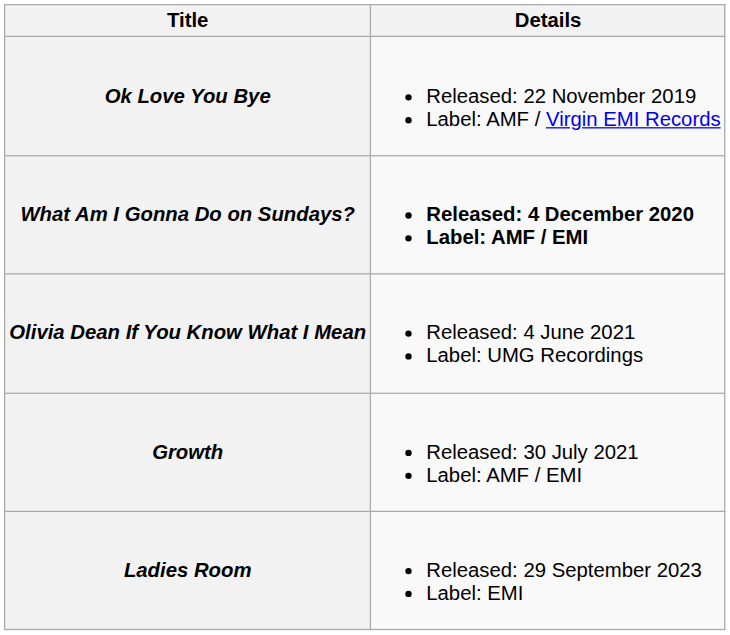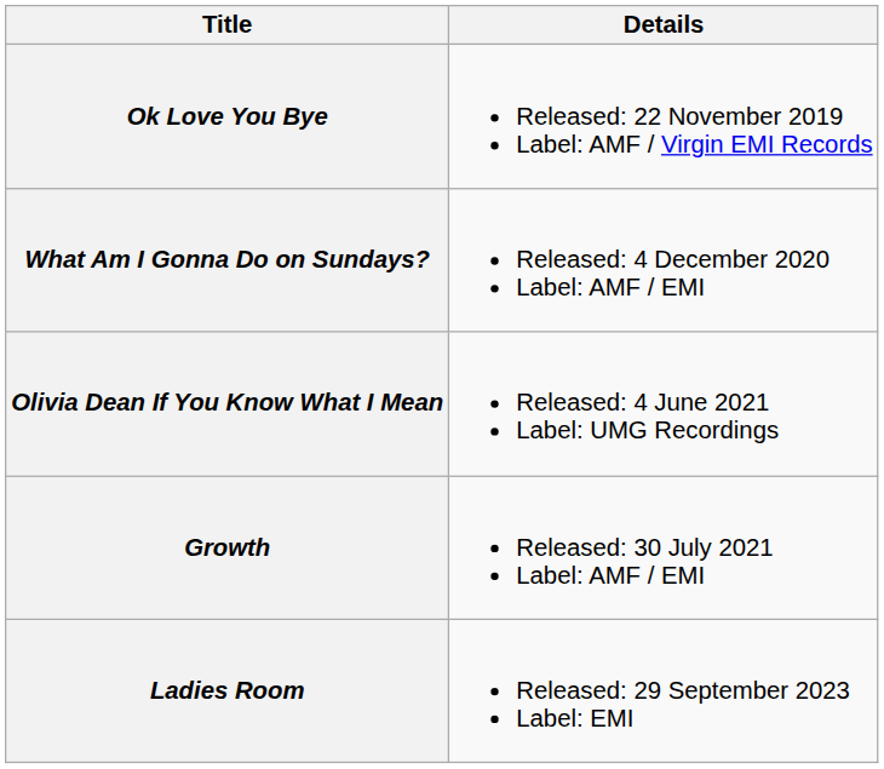 <table class="wikitable plainrowheaders">
 <tr>
 <th>Title</th>
 <th>Details</th>
 </tr>
 <tr>
 <th scope="row"><em>Ok Love You Bye</em></th>
 <td><br><ul><li>Released: 22 November 2019</li><li>Label: AMF / <a href='#'>Virgin EMI Records</a></li></ul></td>
 </tr>
 <tr>
 <th scope="row"><em>What Am I Gonna Do on Sundays?</em></th>
-<td><strong><br><ul><li>Released: 4 December 2020</li><li>Label: AMF / EMI</li></ul></strong></td>
+<td><br><ul><li>Released: 4 December 2020</li><li>Label: AMF / EMI</li></ul></td>
 </tr>
 <tr>
 <th scope="row"><em>Olivia Dean If You Know What I Mean</em></th>
 <td><br><ul><li>Released: 4 June 2021</li><li>Label: UMG Recordings</li></ul></td>
 </tr>
 <tr>
 <th scope="row"><em>Growth</em></th>
 <td><br><ul><li>Released: 30 July 2021</li><li>Label: AMF / EMI</li></ul></td>
 </tr>
 <tr>
 <th scope="row"><em>Ladies Room</em></th>
 <td><br><ul><li>Released: 29 September 2023</li><li>Label: EMI</li></ul></td>
 </tr>
 </table>
